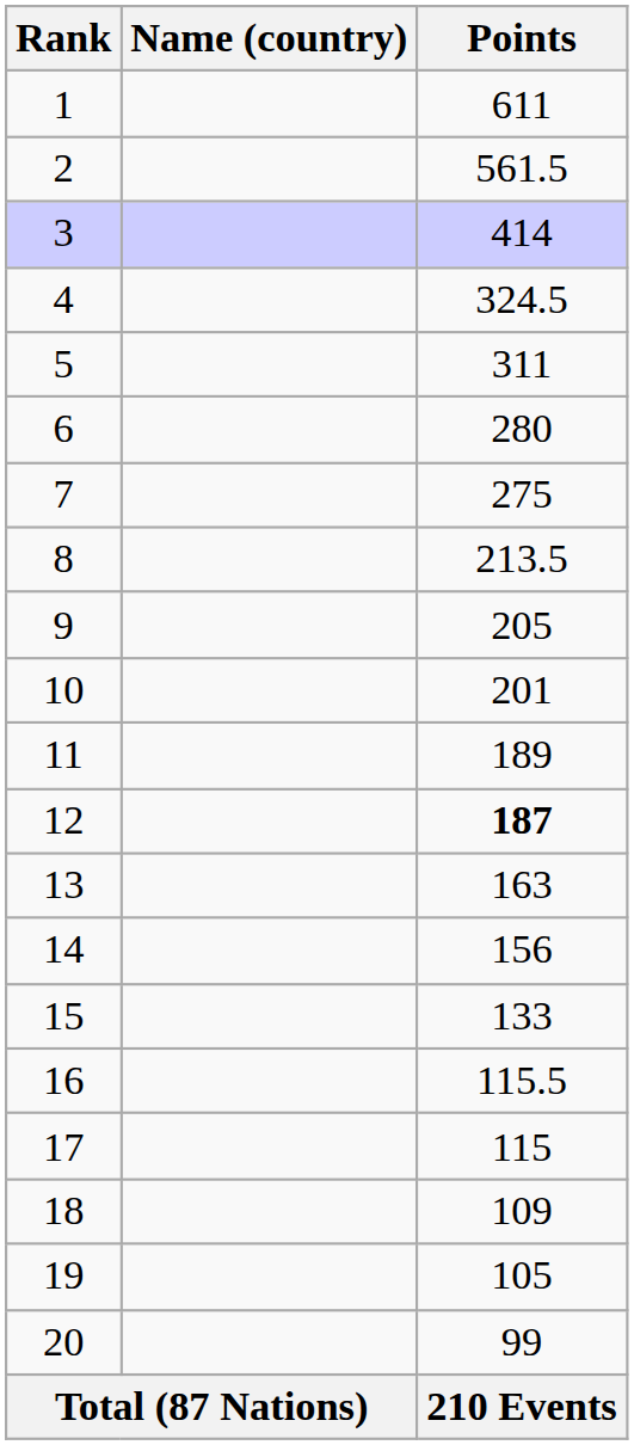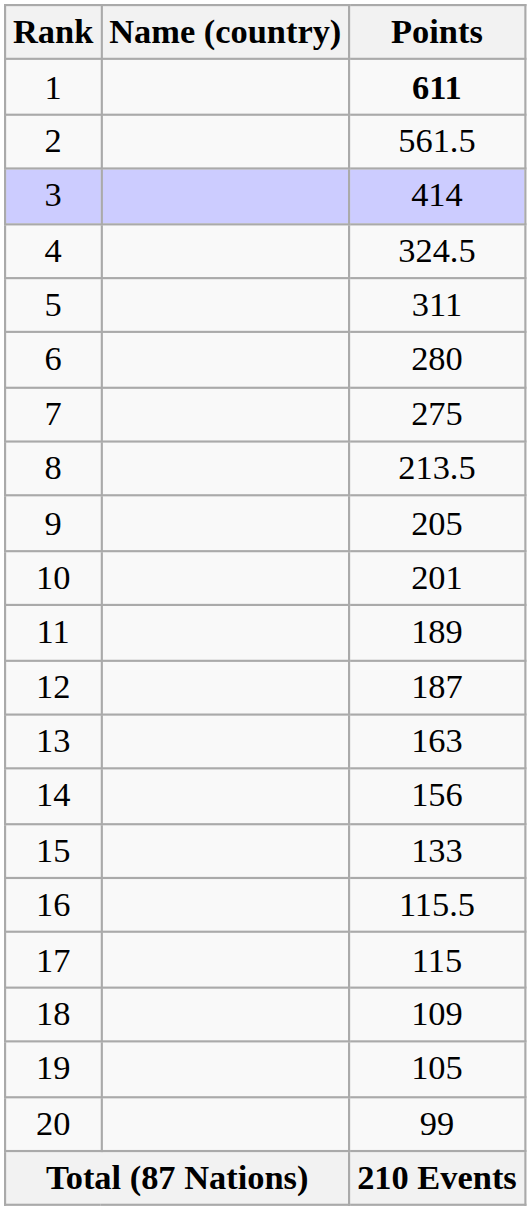 <table class=wikitable>
 <tr>
 <th>Rank</th>
 <th>Name (country)</th>
 <th>Points</th>
 </tr>
 <tr>
 <td align=center>1</td>
 <td align=left></td>
-<td align=center>611</td>
+<td align=center><strong>611</strong></td>
 </tr>
 <tr>
 <td align=center>2</td>
 <td align=left></td>
 <td align=center>561.5</td>
 </tr>
 <tr style="background:#ccccff;">
 <td align=center>3</td>
 <td align=left></td>
 <td align=center>414</td>
 </tr>
 <tr>
 <td align=center>4</td>
 <td align=left></td>
 <td align=center>324.5</td>
 </tr>
 <tr>
 <td align=center>5</td>
 <td align=left></td>
 <td align=center>311</td>
 </tr>
 <tr>
 <td align=center>6</td>
 <td align=left></td>
 <td align=center>280</td>
 </tr>
 <tr>
 <td align=center>7</td>
 <td align=left></td>
 <td align=center>275</td>
 </tr>
 <tr>
 <td align=center>8</td>
 <td align=left></td>
 <td align=center>213.5</td>
 </tr>
 <tr>
 <td align=center>9</td>
 <td align=left></td>
 <td align=center>205</td>
 </tr>
 <tr>
 <td align=center>10</td>
 <td align=left></td>
 <td align=center>201</td>
 </tr>
 <tr>
 <td align=center>11</td>
 <td align=left></td>
 <td align=center>189</td>
 </tr>
 <tr>
 <td align=center>12</td>
 <td align=left></td>
-<td align=center><strong>187</strong></td>
+<td align=center>187</td>
 </tr>
 <tr>
 <td align=center>13</td>
 <td align=left></td>
 <td align=center>163</td>
 </tr>
 <tr>
 <td align=center>14</td>
 <td align=left></td>
 <td align=center>156</td>
 </tr>
 <tr>
 <td align=center>15</td>
 <td align=left></td>
 <td align=center>133</td>
 </tr>
 <tr>
 <td align=center>16</td>
 <td align=left></td>
 <td align=center>115.5</td>
 </tr>
 <tr>
 <td align=center>17</td>
 <td align=left></td>
 <td align=center>115</td>
 </tr>
 <tr>
 <td align=center>18</td>
 <td align=left></td>
 <td align=center>109</td>
 </tr>
 <tr>
 <td align=center>19</td>
 <td align=left></td>
 <td align=center>105</td>
 </tr>
 <tr>
 <td align=center>20</td>
 <td align=left></td>
 <td align=center>99</td>
 </tr>
 <tr class="sortbottom">
 <th colspan=2>Total (87 Nations)</th>
 <th>210 Events</th>
 </tr>
 </table>
